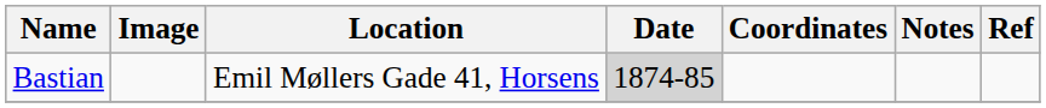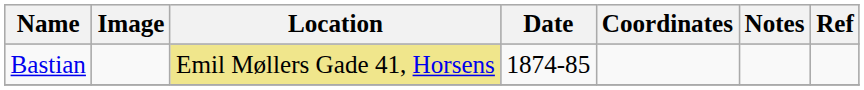 <table class="wikitable sortable">
 <tr>
 <th>Name</th>
 <th>Image</th>
 <th>Location</th>
 <th>Date</th>
 <th>Coordinates</th>
 <th>Notes</th>
 <th>Ref</th>
 </tr>
 <tr>
 <td><a href='#'>Bastian</a></td>
 <td></td>
-<td>Emil Møllers Gade 41, <a href='#'>Horsens</a></td>
-<td style="background: lightgrey;">1874-85</td>
+<td style="background: khaki;">Emil Møllers Gade 41, <a href='#'>Horsens</a></td>
+<td>1874-85</td>
 <td></td>
 <td></td>
 <td></td>
 </tr>
 <tr>
 </tr>
 </table>
